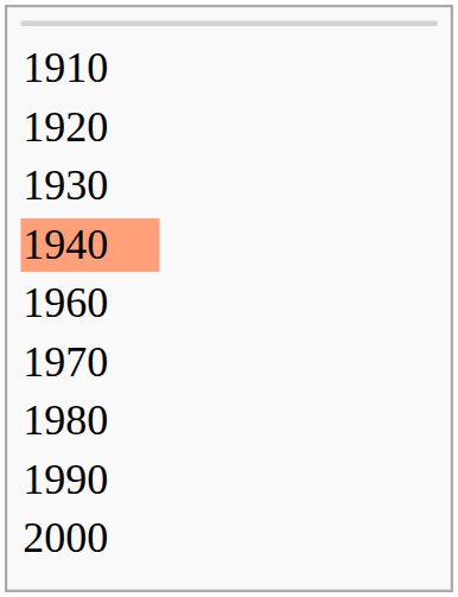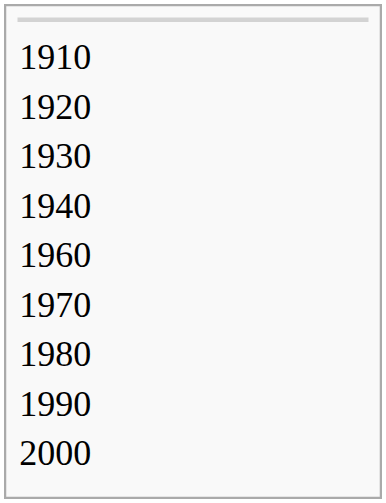 <table class="infobox">
 <tr>
 <td colspan="2" style="background:#D3D3D3; color:black"></td>
 </tr>
 <tr>
 <th style="width: 50px"></th>
 <th style="width: 100px"></th>
 </tr>
 <tr>
 <td>1910</td>
 <td></td>
 </tr>
 <tr>
 <td>1920</td>
 <td></td>
 </tr>
 <tr>
 <td>1930</td>
 <td></td>
 </tr>
 <tr>
-<td style="background: lightsalmon;">1940</td>
+<td>1940</td>
 <td></td>
 </tr>
 <tr>
 <td>1960</td>
 <td></td>
 </tr>
 <tr>
 <td>1970</td>
 <td></td>
 </tr>
 <tr>
 <td>1980</td>
 <td></td>
 </tr>
 <tr>
 <td>1990</td>
 <td></td>
 </tr>
 <tr>
 <td>2000</td>
 <td></td>
 </tr>
 <tr>
 <td colspan="2"></td>
 </tr>
 </table>
